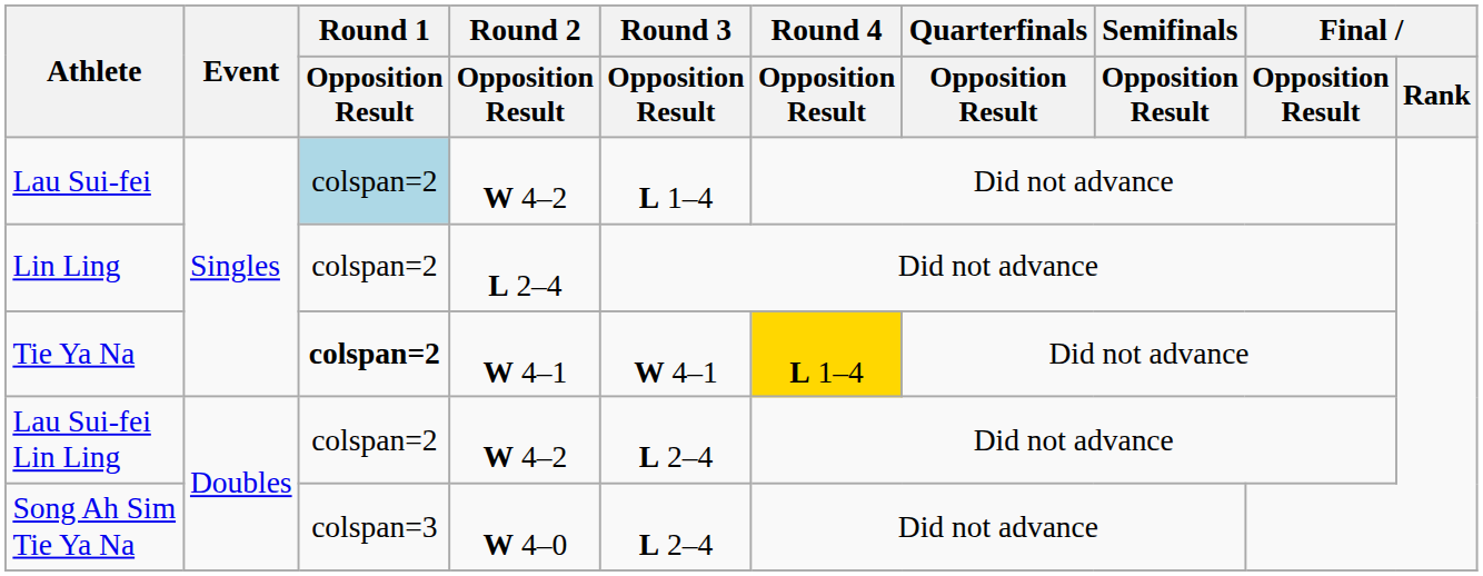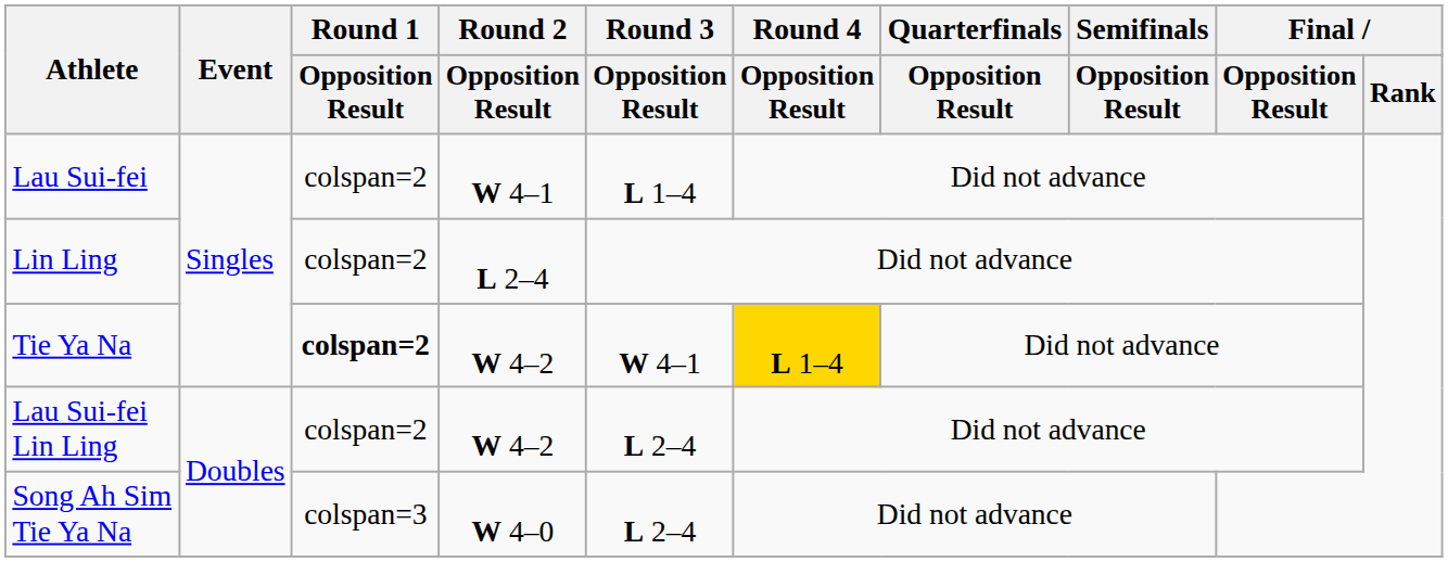 <table class="wikitable" style="font-size:90%">
 <tr>
 <th rowspan="2">Athlete</th>
 <th rowspan="2">Event</th>
 <th>Round 1</th>
 <th>Round 2</th>
 <th>Round 3</th>
 <th>Round 4</th>
 <th>Quarterfinals</th>
 <th>Semifinals</th>
 <th colspan=2>Final / </th>
 </tr>
 <tr style="font-size:95%">
 <th>Opposition<br>Result</th>
 <th>Opposition<br>Result</th>
 <th>Opposition<br>Result</th>
 <th>Opposition<br>Result</th>
 <th>Opposition<br>Result</th>
 <th>Opposition<br>Result</th>
 <th>Opposition<br>Result</th>
 <th>Rank</th>
 </tr>
 <tr align=center>
 <td align=left><a href='#'>Lau Sui-fei</a></td>
 <td align=left rowspan=3><a href='#'>Singles</a></td>
-<td style="background: lightblue;">colspan=2 </td>
-<td><br><strong>W</strong> 4–2</td>
+<td>colspan=2 </td>
+<td><br><strong>W</strong> 4–1</td>
 <td><br><strong>L</strong> 1–4</td>
 <td colspan=4>Did not advance</td>
 </tr>
 <tr align=center>
 <td align=left><a href='#'>Lin Ling</a></td>
 <td>colspan=2 </td>
 <td><br><strong>L</strong> 2–4</td>
 <td colspan=5>Did not advance</td>
 </tr>
 <tr align=center>
 <td align=left><a href='#'>Tie Ya Na</a></td>
 <td><strong>colspan=2 </strong></td>
-<td><br><strong>W</strong> 4–1</td>
+<td><br><strong>W</strong> 4–2</td>
 <td><br><strong>W</strong> 4–1</td>
 <td style="background: gold;"><br><strong>L</strong> 1–4</td>
 <td colspan=3>Did not advance</td>
 </tr>
 <tr align=center>
 <td align=left><a href='#'>Lau Sui-fei</a><br><a href='#'>Lin Ling</a></td>
 <td align=left rowspan=2><a href='#'>Doubles</a></td>
 <td>colspan=2 </td>
 <td><br><strong>W</strong> 4–2</td>
 <td><br><strong>L</strong> 2–4</td>
 <td colspan=4>Did not advance</td>
 </tr>
 <tr align=center>
 <td align=left><a href='#'>Song Ah Sim</a><br><a href='#'>Tie Ya Na</a></td>
 <td>colspan=3 </td>
 <td><br><strong>W</strong> 4–0</td>
 <td><br><strong>L</strong> 2–4</td>
 <td colspan=3>Did not advance</td>
 </tr>
 </table>
